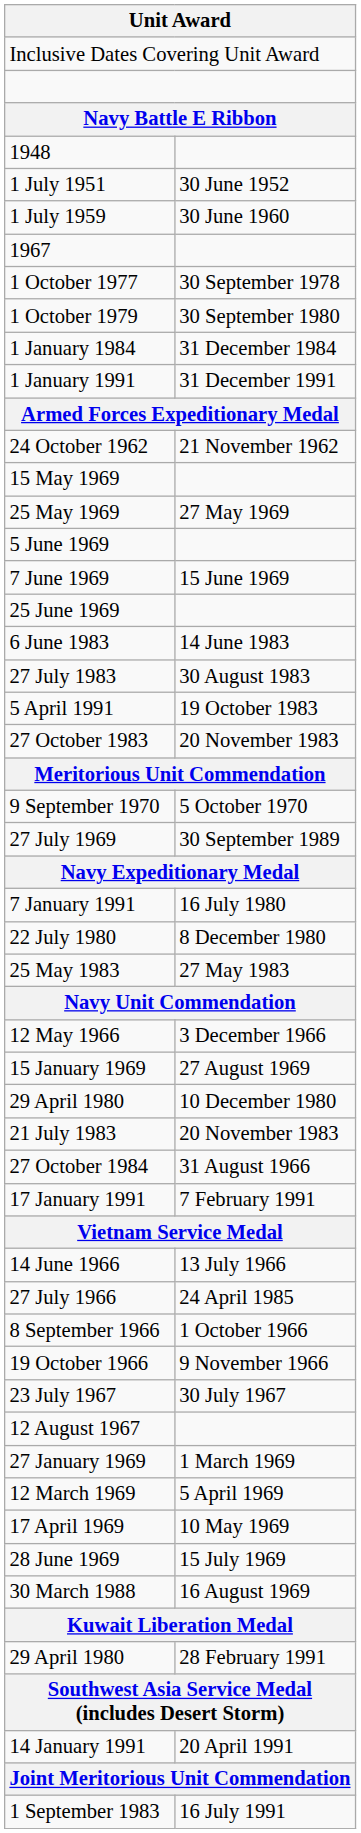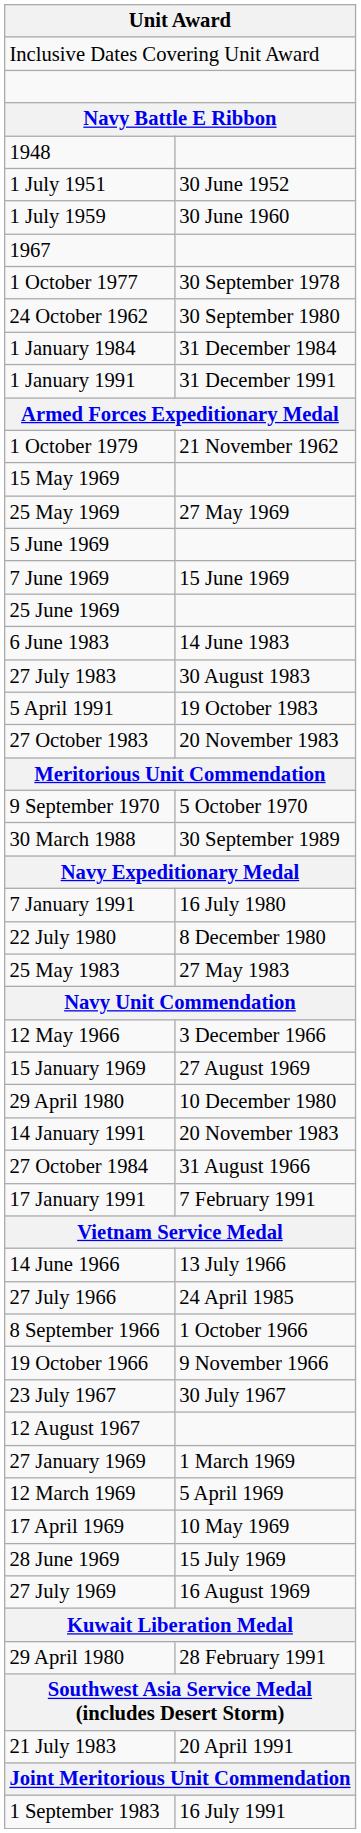 <table class="wikitable">
 <tr>
 <th colspan="2"><strong>Unit Award</strong></th>
 </tr>
 <tr>
 <td colspan="2">Inclusive Dates Covering Unit Award</td>
 </tr>
 <tr>
 <td colspan="2"> </td>
 </tr>
 <tr>
 <th colspan="2"><strong><a href='#'>Navy Battle E Ribbon</a></strong></th>
 </tr>
 <tr>
 <td>1948</td>
 <td></td>
 </tr>
 <tr>
 <td>1 July 1951</td>
 <td>30 June 1952</td>
 </tr>
 <tr>
 <td>1 July 1959</td>
 <td>30 June 1960</td>
 </tr>
 <tr>
 <td>1967</td>
 <td></td>
 </tr>
 <tr>
 <td>1 October 1977</td>
 <td>30 September 1978</td>
 </tr>
 <tr>
-<td>1 October 1979</td>
+<td>24 October 1962</td>
 <td>30 September 1980</td>
 </tr>
 <tr>
 <td>1 January 1984</td>
 <td>31 December 1984</td>
 </tr>
 <tr>
 <td>1 January 1991</td>
 <td>31 December 1991</td>
 </tr>
 <tr>
 <th colspan="2"><strong><a href='#'>Armed Forces Expeditionary Medal</a></strong></th>
 </tr>
 <tr>
-<td>24 October 1962</td>
+<td>1 October 1979</td>
 <td>21 November 1962</td>
 </tr>
 <tr>
 <td>15 May 1969</td>
 <td></td>
 </tr>
 <tr>
 <td>25 May 1969</td>
 <td>27 May 1969</td>
 </tr>
 <tr>
 <td>5 June 1969</td>
 <td></td>
 </tr>
 <tr>
 <td>7 June 1969</td>
 <td>15 June 1969</td>
 </tr>
 <tr>
 <td>25 June 1969</td>
 <td></td>
 </tr>
 <tr>
 <td>6 June 1983</td>
 <td>14 June 1983</td>
 </tr>
 <tr>
 <td>27 July 1983</td>
 <td>30 August 1983</td>
 </tr>
 <tr>
 <td>5 April 1991</td>
 <td>19 October 1983</td>
 </tr>
 <tr>
 <td>27 October 1983</td>
 <td>20 November 1983</td>
 </tr>
 <tr>
 <th colspan="2"><strong><a href='#'>Meritorious Unit Commendation</a></strong></th>
 </tr>
 <tr>
 <td>9 September 1970</td>
 <td>5 October 1970</td>
 </tr>
 <tr>
-<td>27 July 1969</td>
+<td>30 March 1988</td>
 <td>30 September 1989</td>
 </tr>
 <tr>
 <th colspan="2"><strong><a href='#'>Navy Expeditionary Medal</a></strong></th>
 </tr>
 <tr>
 <td>7 January 1991</td>
 <td>16 July 1980</td>
 </tr>
 <tr>
 <td>22 July 1980</td>
 <td>8 December 1980</td>
 </tr>
 <tr>
 <td>25 May 1983</td>
 <td>27 May 1983</td>
 </tr>
 <tr>
 <th colspan="2"><strong><a href='#'>Navy Unit Commendation</a></strong></th>
 </tr>
 <tr>
 <td>12 May 1966</td>
 <td>3 December 1966</td>
 </tr>
 <tr>
 <td>15 January 1969</td>
 <td>27 August 1969</td>
 </tr>
 <tr>
 <td>29 April 1980</td>
 <td>10 December 1980</td>
 </tr>
 <tr>
-<td>21 July 1983</td>
+<td>14 January 1991</td>
 <td>20 November 1983</td>
 </tr>
 <tr>
 <td>27 October 1984</td>
 <td>31 August 1966</td>
 </tr>
 <tr>
 <td>17 January 1991</td>
 <td>7 February 1991</td>
 </tr>
 <tr>
 <th colspan="2"><strong><a href='#'>Vietnam Service Medal</a></strong></th>
 </tr>
 <tr>
 <td>14 June 1966</td>
 <td>13 July 1966</td>
 </tr>
 <tr>
 <td>27 July 1966</td>
 <td>24 April 1985</td>
 </tr>
 <tr>
 <td>8 September 1966</td>
 <td>1 October 1966</td>
 </tr>
 <tr>
 <td>19 October 1966</td>
 <td>9 November 1966</td>
 </tr>
 <tr>
 <td>23 July 1967</td>
 <td>30 July 1967</td>
 </tr>
 <tr>
 <td>12 August 1967</td>
 <td></td>
 </tr>
 <tr>
 <td>27 January 1969</td>
 <td>1 March 1969</td>
 </tr>
 <tr>
 <td>12 March 1969</td>
 <td>5 April 1969</td>
 </tr>
 <tr>
 <td>17 April 1969</td>
 <td>10 May 1969</td>
 </tr>
 <tr>
 <td>28 June 1969</td>
 <td>15 July 1969</td>
 </tr>
 <tr>
-<td>30 March 1988</td>
+<td>27 July 1969</td>
 <td>16 August 1969</td>
 </tr>
 <tr>
 <th colspan="2"><strong><a href='#'>Kuwait Liberation Medal</a></strong></th>
 </tr>
 <tr>
 <td>29 April 1980</td>
 <td>28 February 1991</td>
 </tr>
 <tr>
 <th colspan="2"><strong><a href='#'>Southwest Asia Service Medal</a></strong><br>(includes Desert Storm)</th>
 </tr>
 <tr>
-<td>14 January 1991</td>
+<td>21 July 1983</td>
 <td>20 April 1991</td>
 </tr>
 <tr>
 <th colspan="2"><strong><a href='#'>Joint Meritorious Unit Commendation</a></strong></th>
 </tr>
 <tr>
 <td>1 September 1983</td>
 <td>16 July 1991</td>
 </tr>
 </table>
